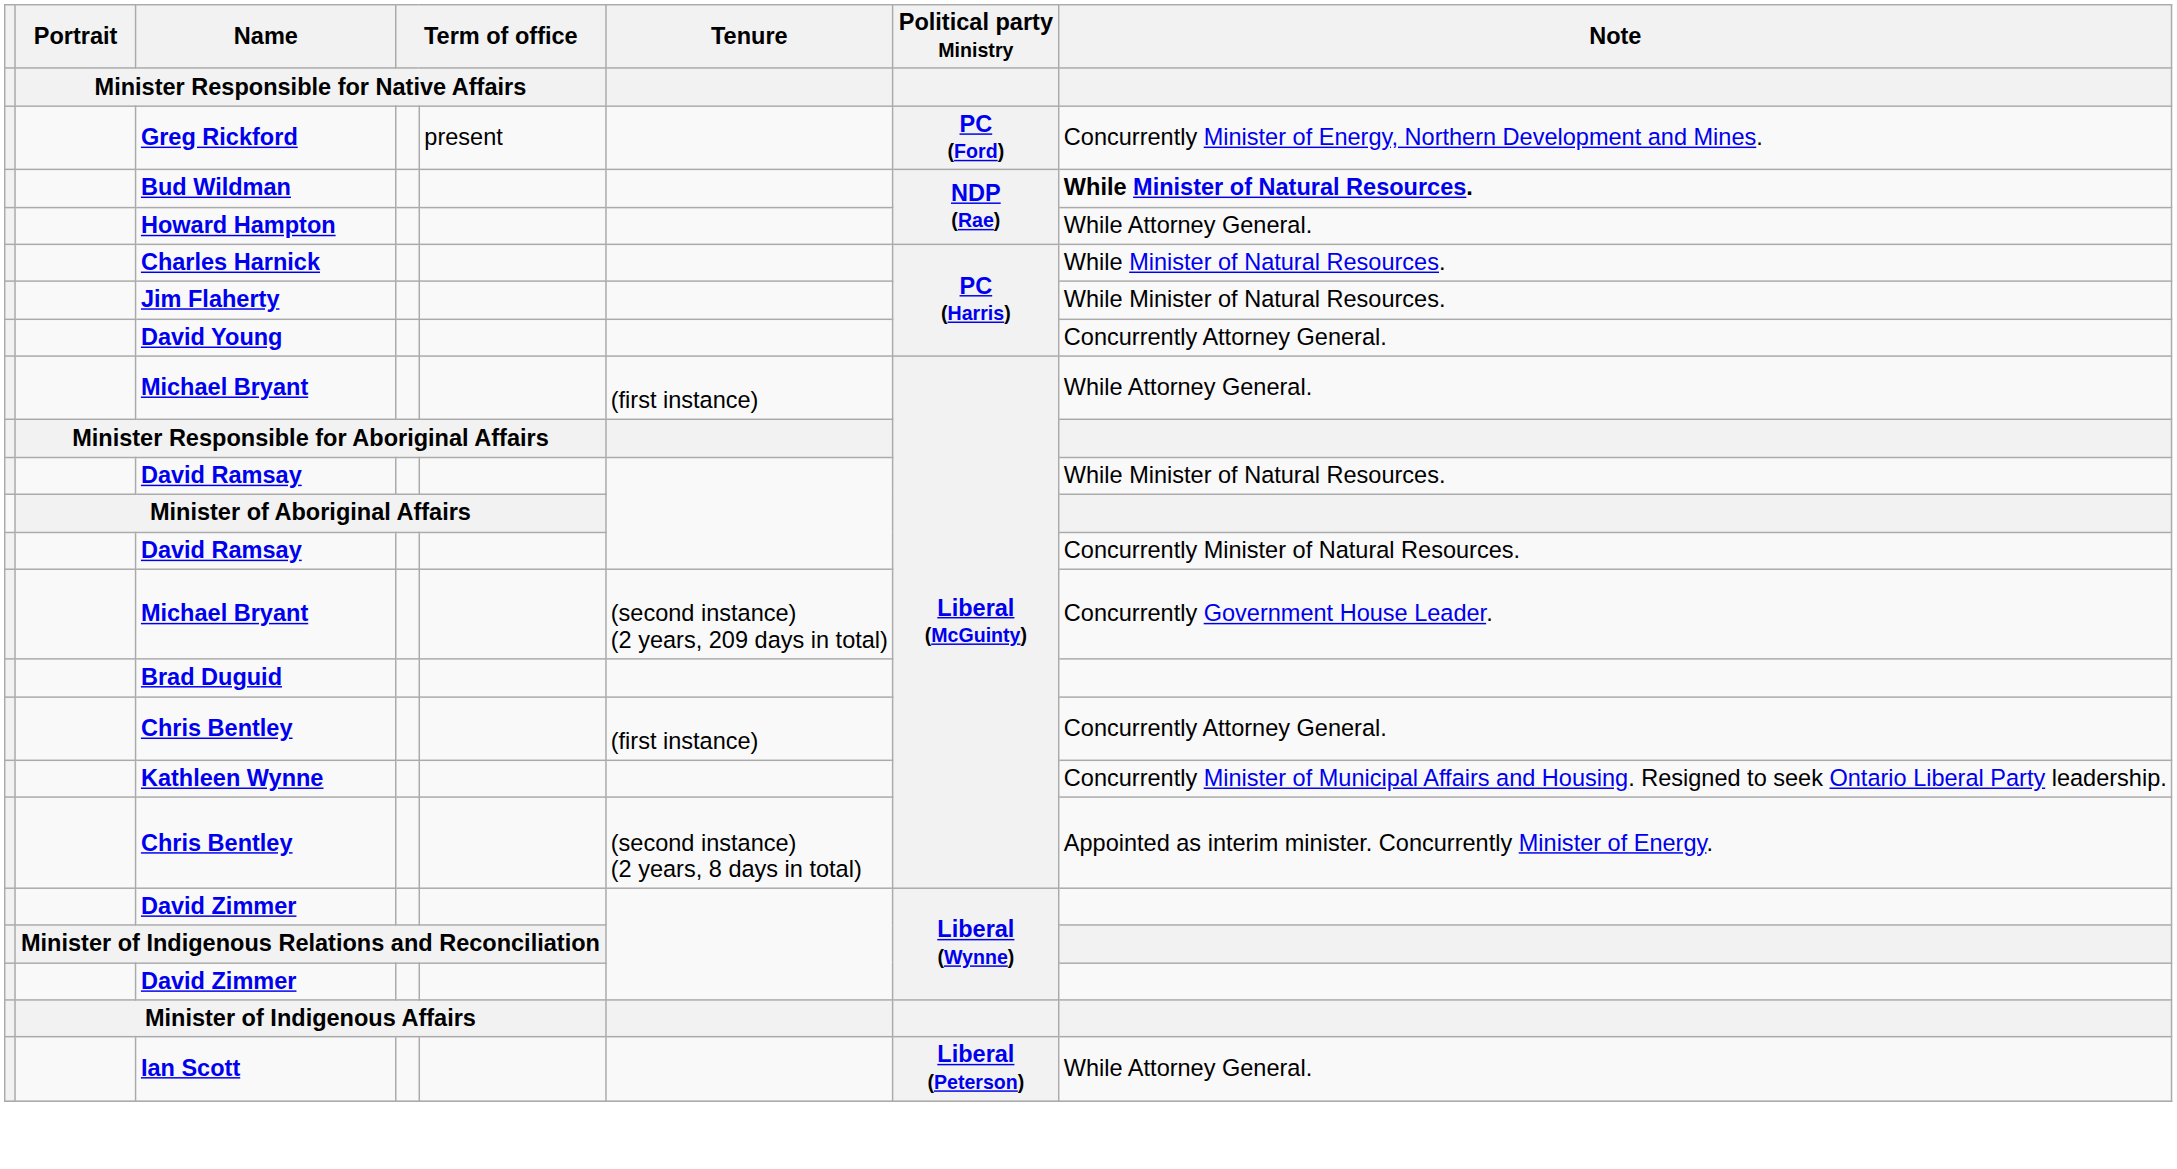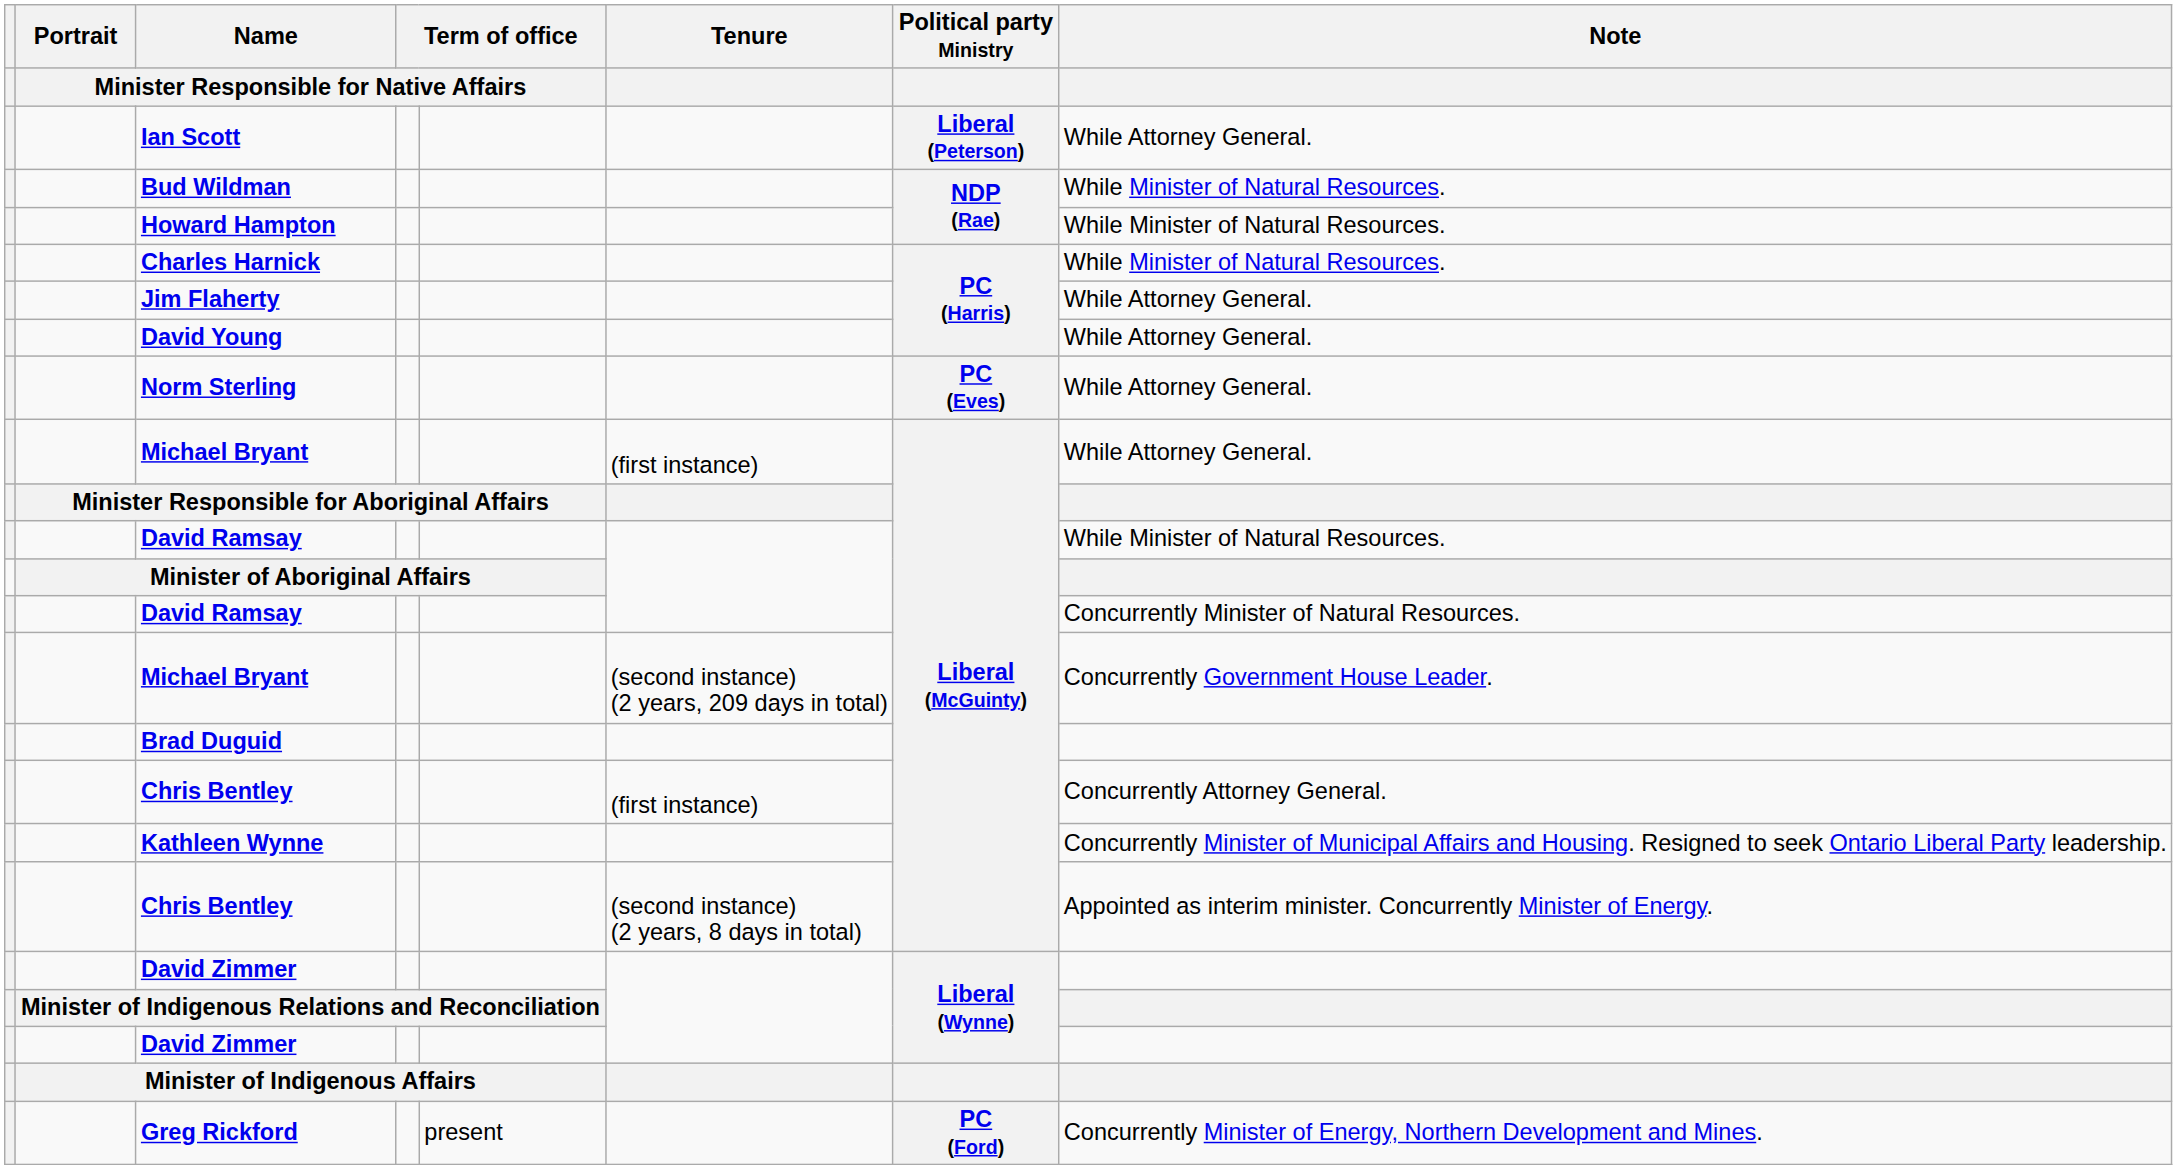 <table class="wikitable">
 <tr>
 <th></th>
 <th>Portrait</th>
 <th>Name</th>
 <th colspan=2>Term of office</th>
 <th>Tenure</th>
 <th>Political party<br><small>Ministry</small></th>
 <th>Note</th>
 </tr>
 <tr>
 <th></th>
 <th colspan=4>Minister Responsible for Native Affairs</th>
 <th></th>
 <th></th>
 <th></th>
 </tr>
 <tr>
 <th style="background:"></th>
 <td></td>
-<td><strong><a href='#'>Greg Rickford</a></strong></td>
+<td><strong><a href='#'>Ian Scott</a></strong></td>
 <td></td>
-<td>present</td>
 <td></td>
-<th style="background:"><a href='#'>PC</a><br><small>(<a href='#'>Ford</a>)</small></th>
-<td>Concurrently <a href='#'>Minister of Energy, Northern Development and Mines</a>.</td>
+<td></td>
+<th style="background:"><a href='#'>Liberal</a><br><small>(<a href='#'>Peterson</a>)</small></th>
+<td>While Attorney General.</td>
 </tr>
 <tr>
 <th style="background:"></th>
 <td></td>
 <td><strong><a href='#'>Bud Wildman</a></strong></td>
 <td></td>
 <td></td>
 <td></td>
 <th rowspan=2 ; style="background:"><a href='#'>NDP</a><br><small>(<a href='#'>Rae</a>)</small></th>
-<td><strong>While <a href='#'>Minister of Natural Resources</a>.</strong></td>
+<td>While <a href='#'>Minister of Natural Resources</a>.</td>
 </tr>
 <tr>
 <th style="background:"></th>
 <td></td>
 <td><strong><a href='#'>Howard Hampton</a></strong></td>
 <td></td>
 <td></td>
 <td></td>
-<td>While Attorney General.</td>
+<td>While Minister of Natural Resources.</td>
 </tr>
 <tr>
 <th style="background:"></th>
 <td></td>
 <td><strong><a href='#'>Charles Harnick</a></strong></td>
 <td></td>
 <td></td>
 <td></td>
 <th rowspan=3 ; style="background:"><a href='#'>PC</a><br><small>(<a href='#'>Harris</a>)</small></th>
 <td>While <a href='#'>Minister of Natural Resources</a>.</td>
 </tr>
 <tr>
 <th style="background:"></th>
 <td></td>
 <td><strong><a href='#'>Jim Flaherty</a></strong></td>
 <td></td>
 <td></td>
 <td></td>
-<td>While Minister of Natural Resources.</td>
+<td>While Attorney General.</td>
 </tr>
 <tr>
 <th style="background:"></th>
 <td></td>
 <td><strong><a href='#'>David Young</a></strong></td>
 <td></td>
 <td></td>
 <td></td>
-<td>Concurrently Attorney General.</td>
+<td>While Attorney General.</td>
+</tr>
+<tr>
+<th style="background:"></th>
+<td></td>
+<td><strong><a href='#'>Norm Sterling</a></strong></td>
+<td></td>
+<td></td>
+<td></td>
+<th style="background:"><a href='#'>PC</a><br><small>(<a href='#'>Eves</a>)</small></th>
+<td>While Attorney General.</td>
 </tr>
 <tr>
 <th style="background:"></th>
 <td></td>
 <td><strong><a href='#'>Michael Bryant</a></strong></td>
 <td></td>
 <td></td>
 <td><br>(first instance)</td>
 <th rowspan=10 ; style="background:"><a href='#'>Liberal</a><br><small>(<a href='#'>McGuinty</a>)</small></th>
 <td>While Attorney General.</td>
 </tr>
 <tr>
 <th></th>
 <th colspan=4>Minister Responsible for Aboriginal Affairs</th>
 <th></th>
 <th></th>
 </tr>
 <tr>
 <th style="background:"></th>
 <td></td>
 <td><strong><a href='#'>David Ramsay</a></strong></td>
 <td></td>
 <td></td>
 <td rowspan=3></td>
 <td>While Minister of Natural Resources.</td>
 </tr>
 <tr>
 <td></td>
 <th colspan=4>Minister of Aboriginal Affairs</th>
 <th></th>
 </tr>
 <tr>
 <th style="background:"></th>
 <td></td>
 <td><strong><a href='#'>David Ramsay</a></strong></td>
 <td></td>
 <td></td>
 <td>Concurrently Minister of Natural Resources.</td>
 </tr>
 <tr>
 <th style="background:"></th>
 <td></td>
 <td><strong><a href='#'>Michael Bryant</a></strong></td>
 <td></td>
 <td></td>
 <td><br>(second instance)<br>(2 years, 209 days in total)</td>
 <td>Concurrently <a href='#'>Government House Leader</a>.</td>
 </tr>
 <tr>
 <th style="background:"></th>
 <td></td>
 <td><strong><a href='#'>Brad Duguid</a></strong></td>
 <td></td>
 <td></td>
 <td></td>
 <td></td>
 </tr>
 <tr>
 <th style="background:"></th>
 <td></td>
 <td><strong><a href='#'>Chris Bentley</a></strong></td>
 <td></td>
 <td></td>
 <td><br>(first instance)</td>
 <td>Concurrently Attorney General.</td>
 </tr>
 <tr>
 <th style="background:"></th>
 <td></td>
 <td><strong><a href='#'>Kathleen Wynne</a></strong></td>
 <td></td>
 <td></td>
 <td></td>
 <td>Concurrently <a href='#'>Minister of Municipal Affairs and Housing</a>. Resigned to seek <a href='#'>Ontario Liberal Party</a> leadership.</td>
 </tr>
 <tr>
 <th style="background:"></th>
 <td></td>
 <td><strong><a href='#'>Chris Bentley</a></strong></td>
 <td></td>
 <td></td>
 <td><br>(second instance)<br>(2 years, 8 days in total)</td>
 <td>Appointed as interim minister. Concurrently <a href='#'>Minister of Energy</a>.</td>
 </tr>
 <tr>
 <th style="background:"></th>
 <td></td>
 <td><strong><a href='#'>David Zimmer</a></strong></td>
 <td></td>
 <td></td>
 <td rowspan=3></td>
 <th rowspan=3 ; style="background:"><a href='#'>Liberal</a><br><small>(<a href='#'>Wynne</a>)</small></th>
 <td></td>
 </tr>
 <tr>
 <th></th>
 <th colspan=4>Minister of Indigenous Relations and Reconciliation</th>
 <th></th>
 </tr>
 <tr>
 <th style="background:"></th>
 <td></td>
 <td><strong><a href='#'>David Zimmer</a></strong></td>
 <td></td>
 <td></td>
 <td></td>
 </tr>
 <tr>
 <th></th>
 <th colspan=4>Minister of Indigenous Affairs</th>
 <th></th>
 <th></th>
 <th></th>
 </tr>
 <tr>
 <th style="background:"></th>
 <td></td>
-<td><strong><a href='#'>Ian Scott</a></strong></td>
+<td><strong><a href='#'>Greg Rickford</a></strong></td>
 <td></td>
+<td>present</td>
 <td></td>
-<td></td>
-<th style="background:"><a href='#'>Liberal</a><br><small>(<a href='#'>Peterson</a>)</small></th>
-<td>While Attorney General.</td>
+<th style="background:"><a href='#'>PC</a><br><small>(<a href='#'>Ford</a>)</small></th>
+<td>Concurrently <a href='#'>Minister of Energy, Northern Development and Mines</a>.</td>
 </tr>
 <tr>
 </tr>
 </table>
